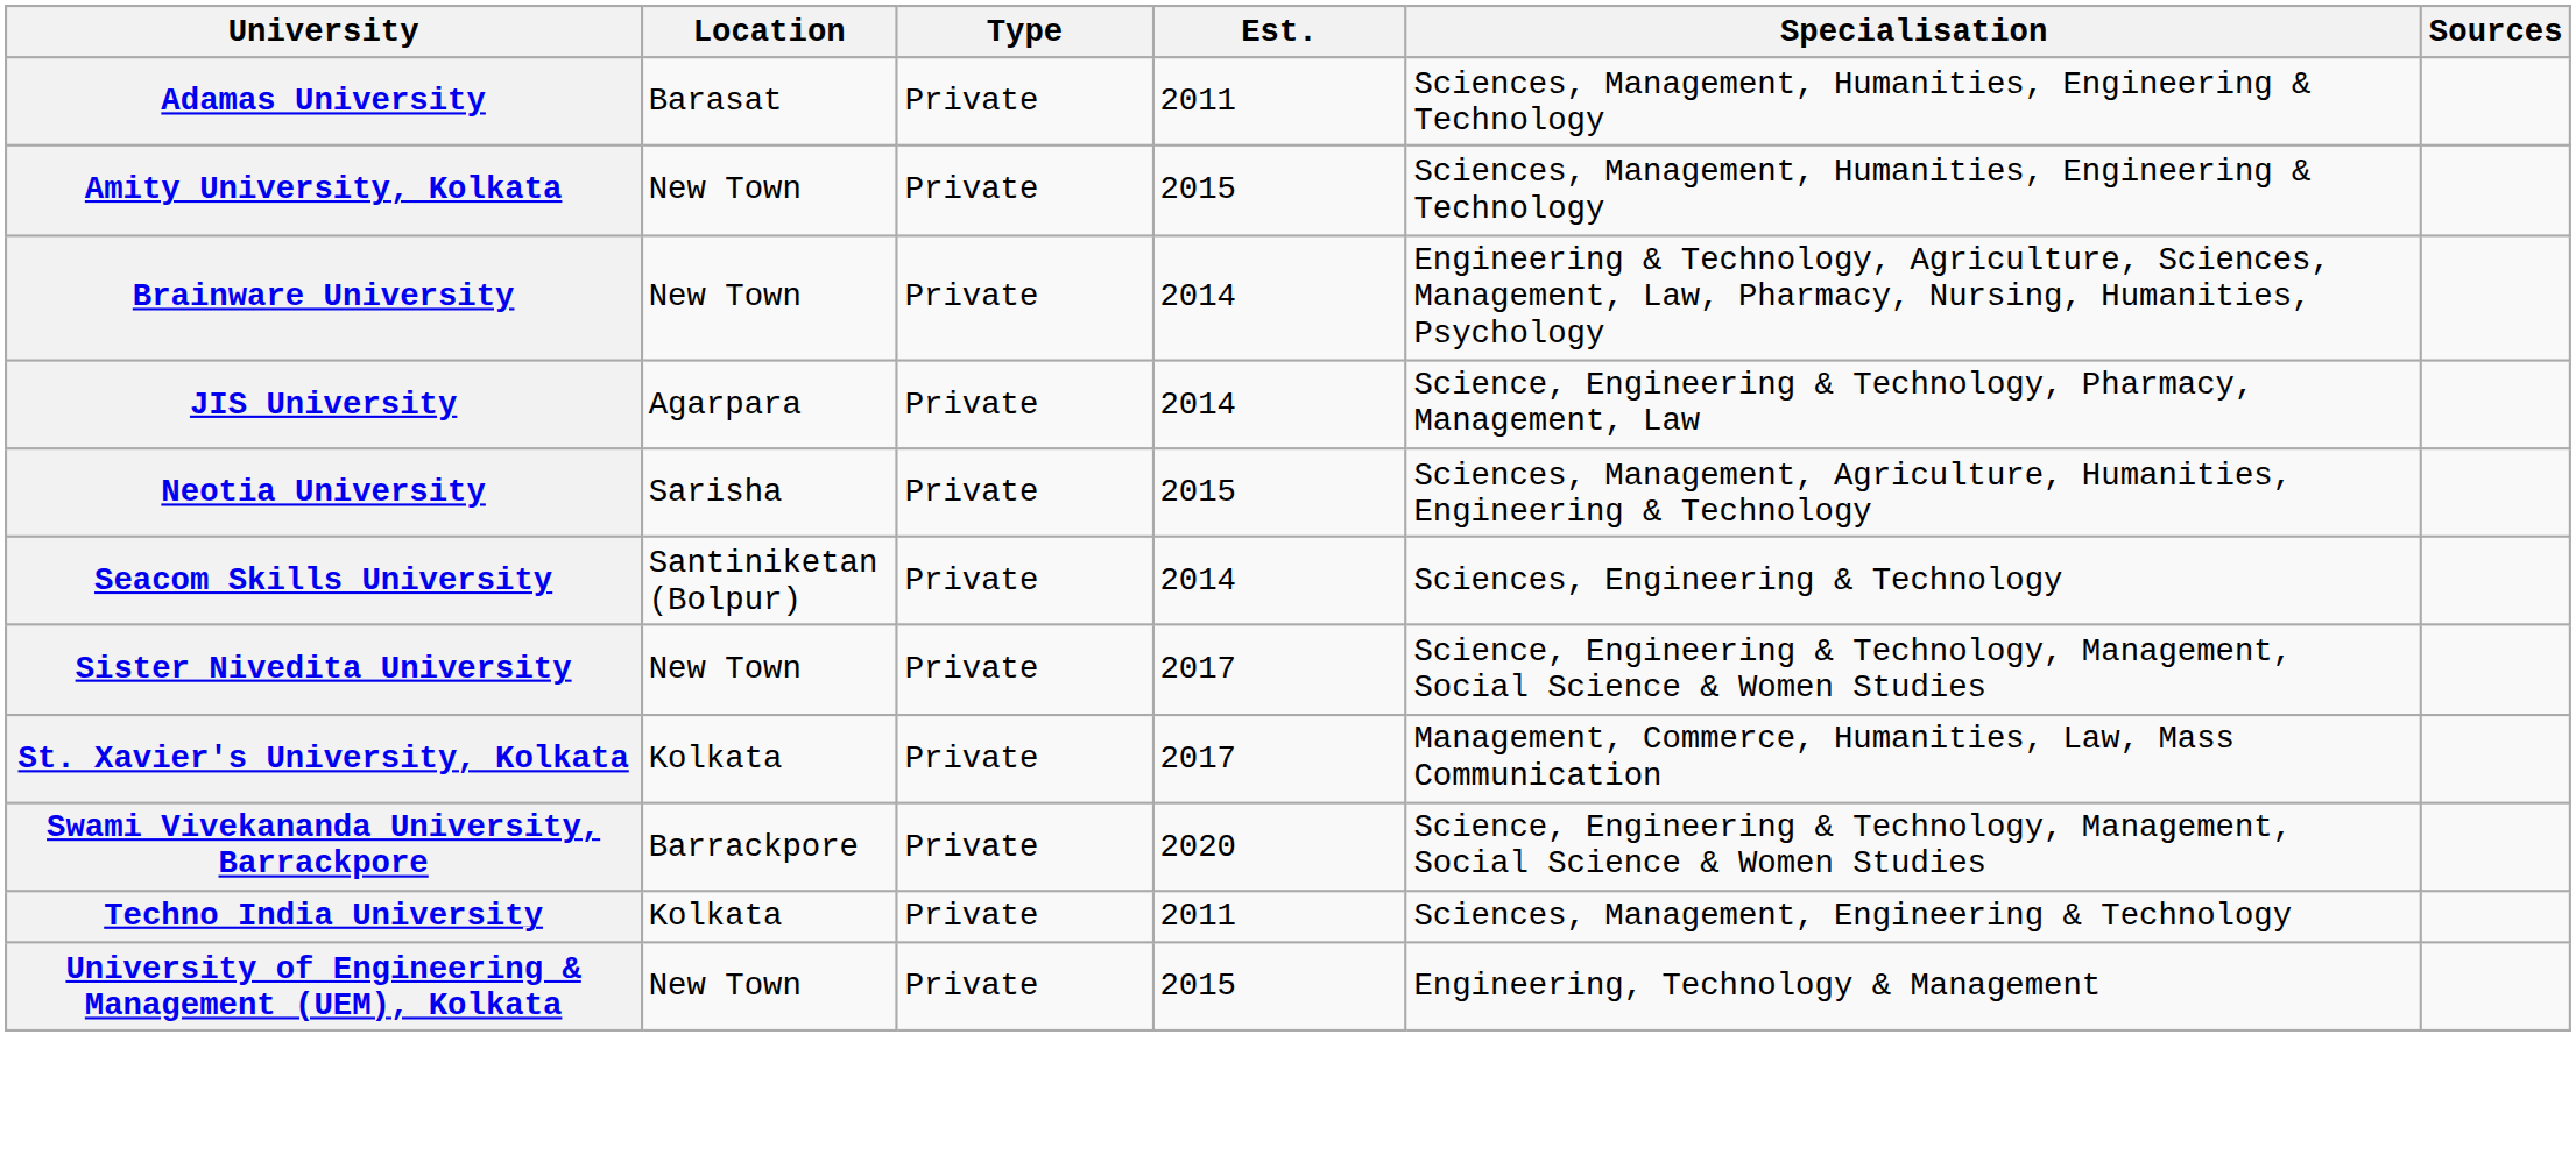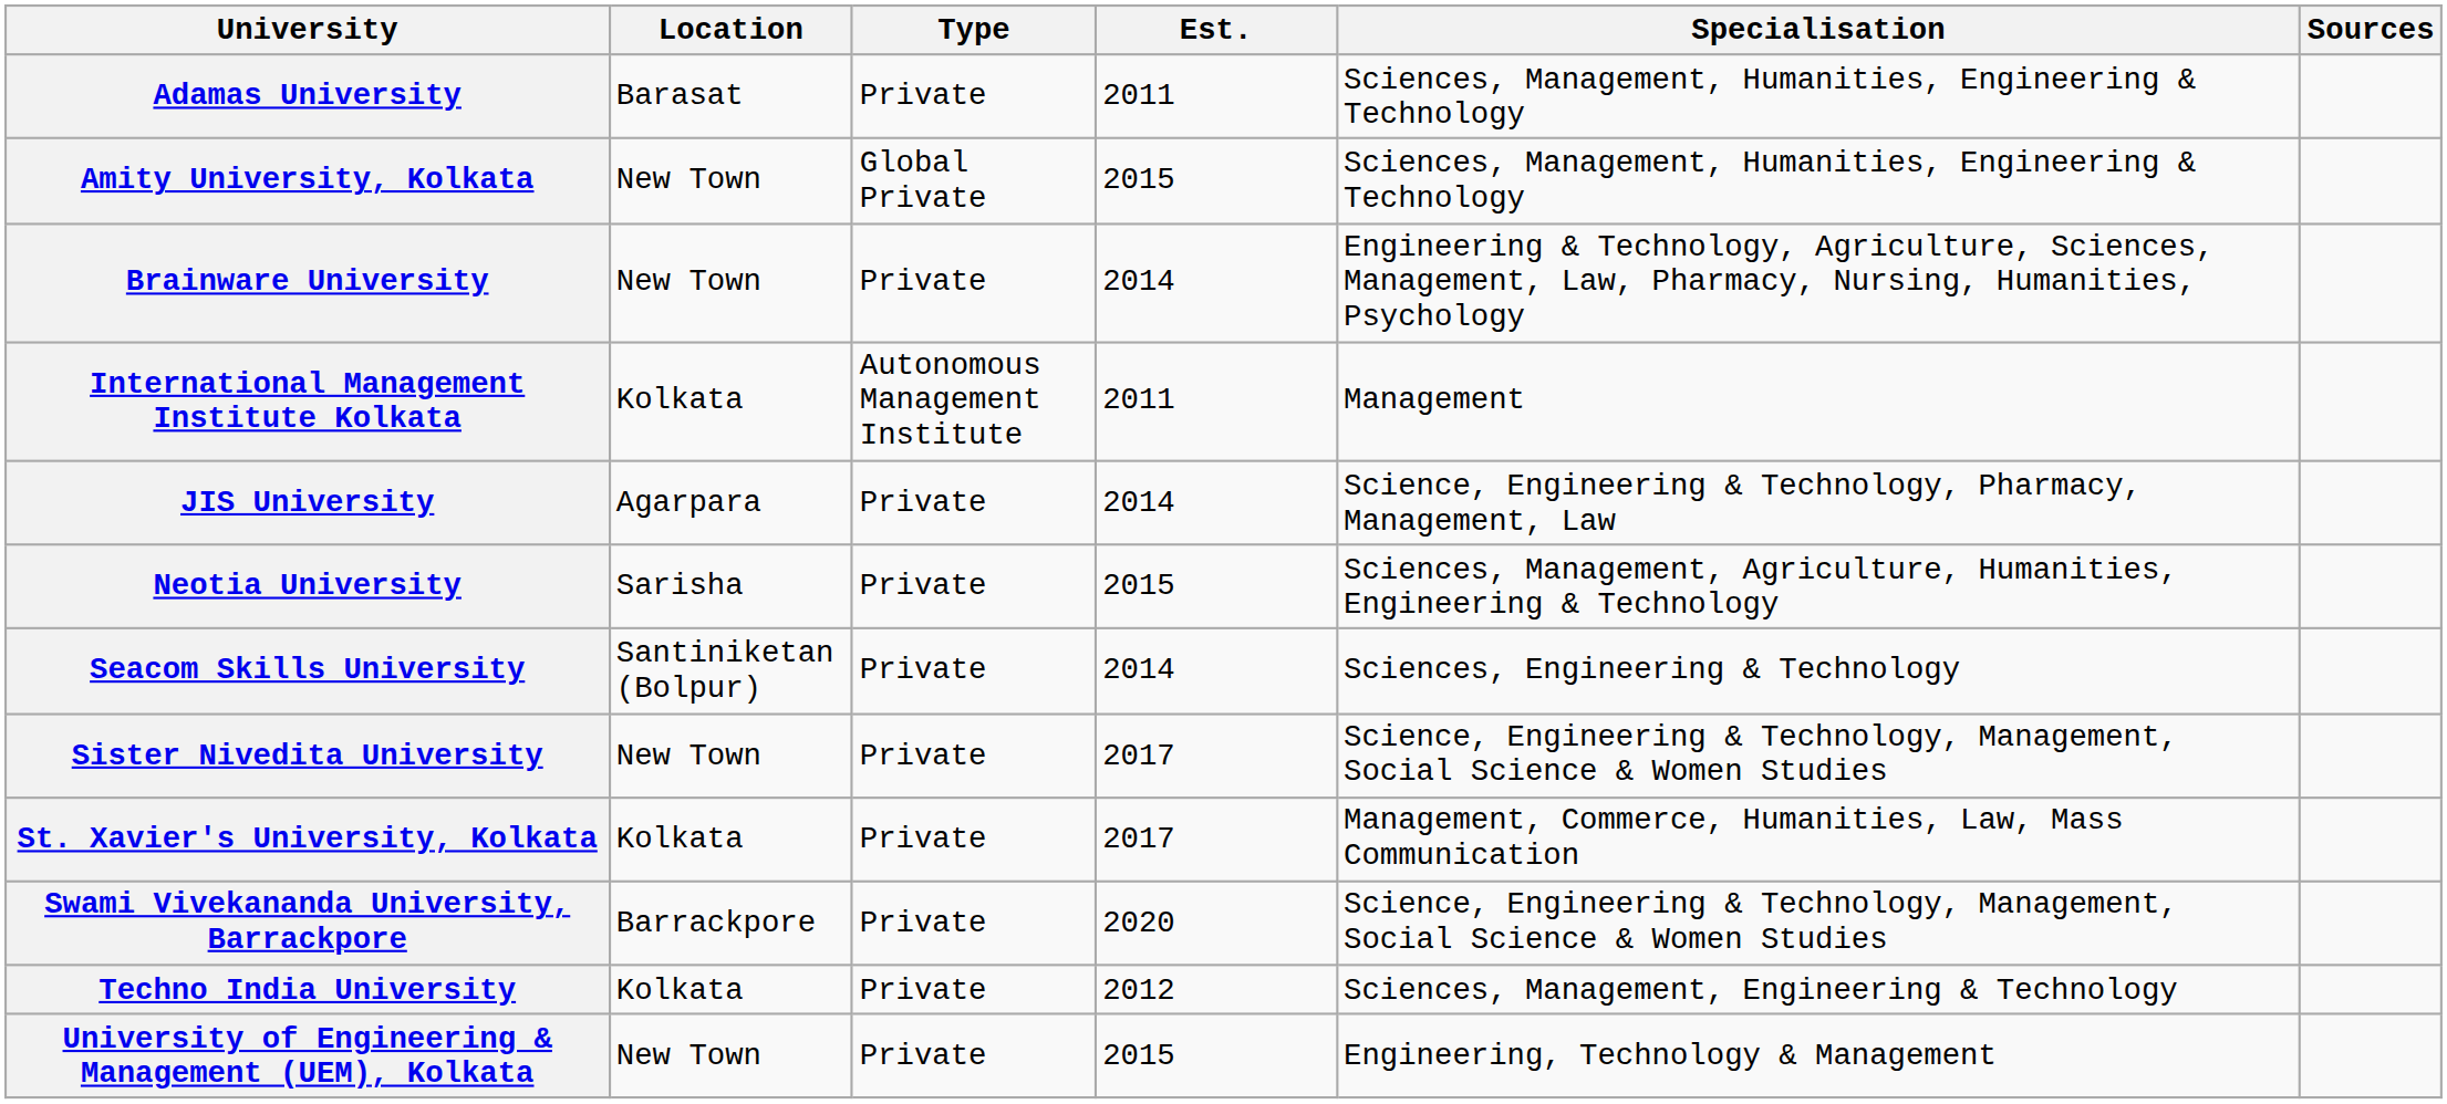 <table class="wikitable sortable static-row-numbers sticky-header collapsible plainrowheaders"style="-align:left; width:83%;">
 <tr>
 <th scope="col" style="width: 25%;">University</th>
 <th scope="col" style="width: 10%;">Location</th>
 <th scope="col" style="width: 10%;">Type</th>
 <th scope="col" style="width: 10%;">Est.</th>
 <th scope="col" style="width: 40%;">Specialisation</th>
 <th scope="col" style="width: 05%;" class="unsortable">Sources</th>
 </tr>
 <tr>
 <th scope="row"><a href='#'>Adamas University</a></th>
 <td>Barasat</td>
 <td>Private</td>
 <td>2011</td>
 <td>Sciences, Management, Humanities, Engineering & Technology</td>
 <td></td>
 </tr>
 <tr>
 <th scope="row"><a href='#'>Amity University, Kolkata</a></th>
 <td>New Town</td>
-<td>Private</td>
+<td>Global Private</td>
 <td>2015</td>
 <td>Sciences, Management, Humanities, Engineering & Technology</td>
 <td></td>
 </tr>
 <tr>
 <th scope="row"><a href='#'>Brainware University</a></th>
 <td>New Town</td>
 <td>Private</td>
 <td>2014</td>
 <td>Engineering & Technology, Agriculture, Sciences, Management, Law, Pharmacy, Nursing, Humanities, Psychology</td>
+<td></td>
+</tr>
+<tr>
+<th scope="row"><a href='#'>International Management Institute Kolkata</a></th>
+<td>Kolkata</td>
+<td>Autonomous Management Institute</td>
+<td>2011</td>
+<td>Management</td>
 <td></td>
 </tr>
 <tr>
 <th scope="row"><a href='#'>JIS University</a></th>
 <td>Agarpara</td>
 <td>Private</td>
 <td>2014</td>
 <td>Science, Engineering & Technology, Pharmacy, Management, Law</td>
 <td></td>
 </tr>
 <tr>
 <th scope="row"><a href='#'>Neotia University</a></th>
 <td>Sarisha</td>
 <td>Private</td>
 <td>2015</td>
 <td>Sciences, Management, Agriculture, Humanities, Engineering & Technology</td>
 <td></td>
 </tr>
 <tr>
 <th scope="row"><a href='#'>Seacom Skills University</a></th>
 <td>Santiniketan (Bolpur)</td>
 <td>Private</td>
 <td>2014</td>
 <td>Sciences, Engineering & Technology</td>
 <td></td>
 </tr>
 <tr>
 <th scope="row"><a href='#'>Sister Nivedita University</a></th>
 <td>New Town</td>
 <td>Private</td>
 <td>2017</td>
 <td>Science, Engineering & Technology, Management, Social Science & Women Studies</td>
 <td></td>
 </tr>
 <tr>
 <th scope="row"><a href='#'>St. Xavier's University, Kolkata</a></th>
 <td>Kolkata</td>
 <td>Private</td>
 <td>2017</td>
 <td>Management, Commerce, Humanities, Law, Mass Communication</td>
 <td></td>
 </tr>
 <tr>
 <th scope="row"><a href='#'>Swami Vivekananda University, Barrackpore</a></th>
 <td>Barrackpore</td>
 <td>Private</td>
 <td>2020</td>
 <td>Science, Engineering & Technology, Management, Social Science & Women Studies</td>
 <td></td>
 </tr>
 <tr>
 <th scope="row"><a href='#'>Techno India University</a></th>
 <td>Kolkata</td>
 <td>Private</td>
-<td>2011</td>
+<td>2012</td>
 <td>Sciences, Management, Engineering & Technology</td>
 <td></td>
 </tr>
 <tr>
 <th scope="row"><a href='#'>University of Engineering & Management (UEM), Kolkata</a></th>
 <td>New Town</td>
 <td>Private</td>
 <td>2015</td>
 <td>Engineering, Technology & Management</td>
 <td></td>
 </tr>
 </table>
